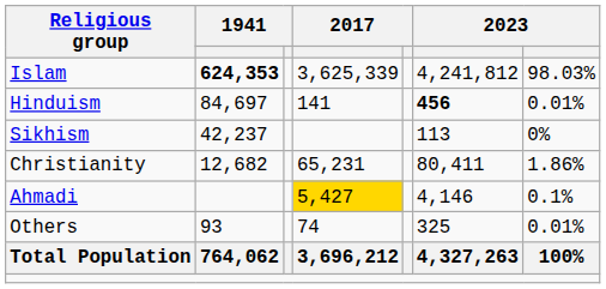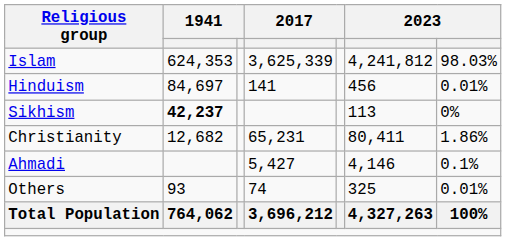 <table class="wikitable sortable">
 <tr>
 <th rowspan="2"><a href='#'>Religious</a><br>group</th>
 <th colspan="2">1941</th>
 <th colspan="2">2017</th>
 <th colspan="2">2023</th>
 </tr>
 <tr>
 <th><a href='#'></a></th>
 <th></th>
 <th></th>
 <th></th>
 <th></th>
 <th></th>
 </tr>
 <tr>
 <td><a href='#'>Islam</a> </td>
-<td><strong>624,353</strong></td>
+<td>624,353</td>
 <td></td>
 <td>3,625,339</td>
 <td></td>
 <td>4,241,812</td>
 <td>98.03%</td>
 </tr>
 <tr>
 <td><a href='#'>Hinduism</a> </td>
 <td>84,697</td>
 <td></td>
 <td>141</td>
 <td></td>
-<td><strong>456</strong></td>
+<td>456</td>
 <td>0.01%</td>
 </tr>
 <tr>
 <td><a href='#'>Sikhism</a> </td>
-<td>42,237</td>
+<td><strong>42,237</strong></td>
 <td></td>
 <td></td>
 <td></td>
 <td>113</td>
 <td>0%</td>
 </tr>
 <tr>
 <td>Christianity </td>
 <td>12,682</td>
 <td></td>
 <td>65,231</td>
 <td></td>
 <td>80,411</td>
 <td>1.86%</td>
 </tr>
 <tr>
 <td><a href='#'>Ahmadi</a></td>
 <td></td>
 <td></td>
-<td style="background: gold;">5,427</td>
+<td>5,427</td>
 <td></td>
 <td>4,146</td>
 <td>0.1%</td>
 </tr>
 <tr>
 <td>Others</td>
 <td>93</td>
 <td></td>
 <td>74</td>
 <td></td>
 <td>325</td>
 <td>0.01%</td>
 </tr>
 <tr>
 <th>Total Population</th>
 <th>764,062</th>
 <th></th>
 <th>3,696,212</th>
 <th></th>
 <th>4,327,263</th>
 <th>100%</th>
 </tr>
 <tr class="sortbottom">
 <td colspan="7"></td>
 </tr>
 </table>
